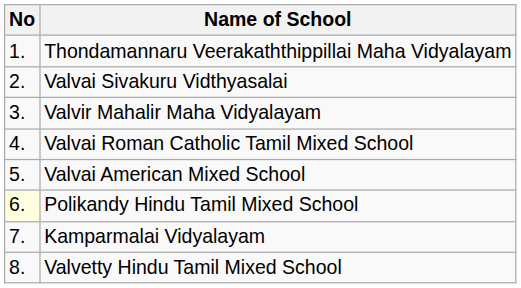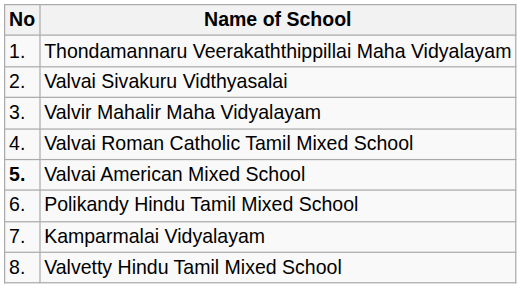 <table class="wikitable" border="1">
 <tr>
 <th>No</th>
 <th>Name of School</th>
 </tr>
 <tr>
 <td>1.</td>
 <td>Thondamannaru Veerakaththippillai Maha Vidyalayam</td>
 </tr>
 <tr>
 <td>2.</td>
 <td>Valvai Sivakuru Vidthyasalai</td>
 </tr>
 <tr>
 <td>3.</td>
 <td>Valvir Mahalir Maha Vidyalayam</td>
 </tr>
 <tr>
 <td>4.</td>
 <td>Valvai Roman Catholic Tamil Mixed School</td>
 </tr>
 <tr>
-<td>5.</td>
+<td><strong>5.</strong></td>
 <td>Valvai American Mixed School</td>
 </tr>
 <tr>
-<td style="background: lightyellow;">6.</td>
+<td>6.</td>
 <td>Polikandy Hindu Tamil Mixed School</td>
 </tr>
 <tr>
 <td>7.</td>
 <td>Kamparmalai Vidyalayam</td>
 </tr>
 <tr>
 <td>8.</td>
 <td>Valvetty Hindu Tamil Mixed School</td>
 </tr>
 </table>
